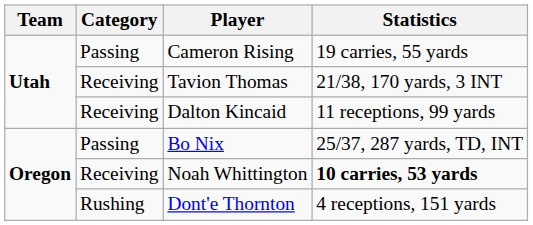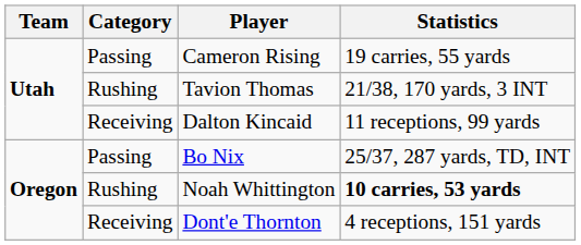 <table class="wikitable" style="float: right;">
 <tr>
 <th>Team</th>
 <th>Category</th>
 <th>Player</th>
 <th>Statistics</th>
 </tr>
 <tr>
 <td rowspan=3><strong>Utah</strong></td>
 <td>Passing</td>
 <td>Cameron Rising</td>
 <td>19 carries, 55 yards</td>
 </tr>
 <tr>
-<td>Receiving</td>
+<td>Rushing</td>
 <td>Tavion Thomas</td>
 <td>21/38, 170 yards, 3 INT</td>
 </tr>
 <tr>
 <td>Receiving</td>
 <td>Dalton Kincaid</td>
 <td>11 receptions, 99 yards</td>
 </tr>
 <tr>
 <td rowspan=3><strong>Oregon</strong></td>
 <td>Passing</td>
 <td><a href='#'>Bo Nix</a></td>
 <td>25/37, 287 yards, TD, INT</td>
 </tr>
 <tr>
-<td>Receiving</td>
+<td>Rushing</td>
 <td>Noah Whittington</td>
 <td><strong>10 carries, 53 yards</strong></td>
 </tr>
 <tr>
-<td>Rushing</td>
+<td>Receiving</td>
 <td><a href='#'>Dont'e Thornton</a></td>
 <td>4 receptions, 151 yards</td>
 </tr>
 </table>
